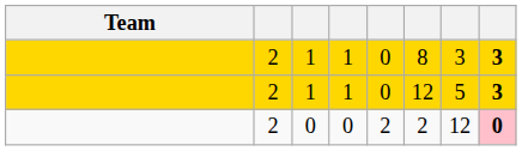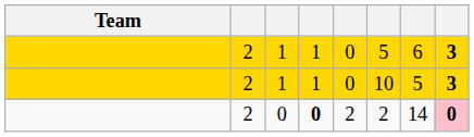 <table class="wikitable" style="text-align: center;">
 <tr>
 <th width=175>Team</th>
 <th width=20></th>
 <th width=20></th>
 <th width=20></th>
 <th width=20></th>
 <th width=20></th>
 <th width=20></th>
 <th width=20></th>
 </tr>
 <tr bgcolor=gold>
 <td style="text-align:left;"></td>
 <td>2</td>
 <td>1</td>
 <td>1</td>
 <td>0</td>
-<td>8</td>
-<td>3</td>
+<td>5</td>
+<td>6</td>
 <td><strong>3</strong></td>
 </tr>
 <tr bgcolor=gold>
 <td style="text-align:left;"></td>
 <td>2</td>
 <td>1</td>
 <td>1</td>
 <td>0</td>
-<td>12</td>
+<td>10</td>
 <td>5</td>
 <td><strong>3</strong></td>
 </tr>
 <tr>
 <td style="text-align:left;"></td>
 <td>2</td>
 <td>0</td>
-<td>0</td>
+<td><strong>0</strong></td>
 <td>2</td>
 <td>2</td>
-<td>12</td>
+<td>14</td>
 <td style="background: pink;"><strong>0</strong></td>
 </tr>
 </table>
